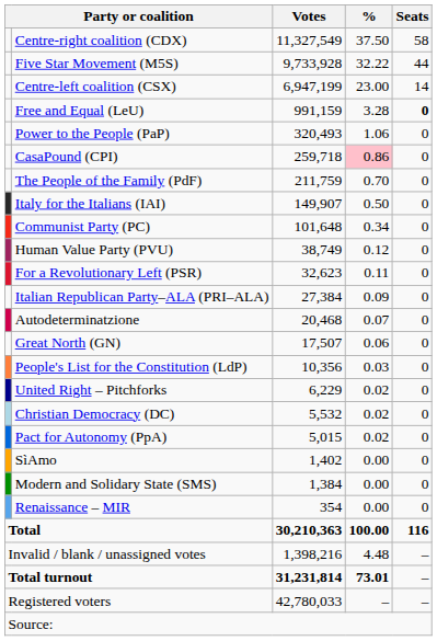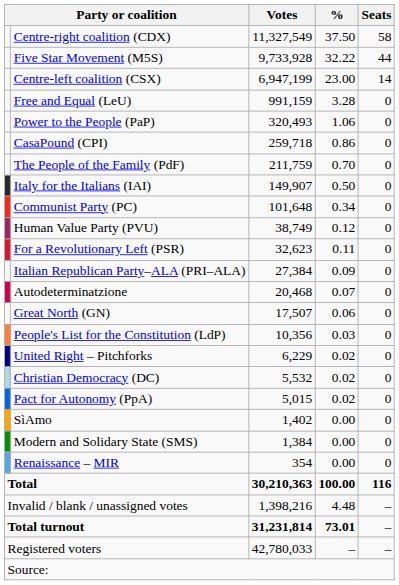 <table class="wikitable" style="text-align:right">
 <tr>
 <th colspan=2>Party or coalition</th>
 <th>Votes</th>
 <th>%</th>
 <th>Seats</th>
 </tr>
 <tr>
 <td></td>
 <td style="text-align:left;"><a href='#'>Centre-right coalition</a> (CDX)</td>
 <td style="text-align:right;">11,327,549</td>
 <td style="text-align:right;">37.50</td>
 <td style="text-align:right;">58</td>
 </tr>
 <tr>
 <td></td>
 <td style="text-align:left;"><a href='#'>Five Star Movement</a> (M5S)</td>
 <td style="text-align:right;">9,733,928</td>
 <td style="text-align:right;">32.22</td>
 <td style="text-align:right;">44</td>
 </tr>
 <tr>
 <td></td>
 <td style="text-align:left;"><a href='#'>Centre-left coalition</a> (CSX)</td>
 <td style="text-align:right;">6,947,199</td>
 <td style="text-align:right;">23.00</td>
 <td style="text-align:right;">14</td>
 </tr>
 <tr>
 <td></td>
 <td style="text-align:left;"><a href='#'>Free and Equal</a> (LeU)</td>
 <td style="text-align:right;">991,159</td>
 <td style="text-align:right;">3.28</td>
-<td style="text-align:right;"><strong>0</strong></td>
+<td style="text-align:right;">0</td>
 </tr>
 <tr>
 <td></td>
 <td style="text-align:left;"><a href='#'>Power to the People</a> (PaP)</td>
 <td style="text-align:right;">320,493</td>
 <td style="text-align:right;">1.06</td>
 <td style="text-align:right;">0</td>
 </tr>
 <tr>
 <td></td>
 <td style="text-align:left;"><a href='#'>CasaPound</a> (CPI)</td>
 <td style="text-align:right;">259,718</td>
-<td style="background: pink; text-align:right;">0.86</td>
+<td style="text-align:right;">0.86</td>
 <td style="text-align:right;">0</td>
 </tr>
 <tr>
 <td style="background:"></td>
 <td style="text-align:left;"><a href='#'>The People of the Family</a> (PdF)</td>
 <td style="text-align:right;">211,759</td>
 <td style="text-align:right;">0.70</td>
 <td style="text-align:right;">0</td>
 </tr>
 <tr>
 <td style="background:#282828;"></td>
 <td style="text-align:left;"><a href='#'>Italy for the Italians</a> (IAI)</td>
 <td style="text-align:right;">149,907</td>
 <td style="text-align:right;">0.50</td>
 <td style="text-align:right;">0</td>
 </tr>
 <tr>
 <td style="background:#f62817;"></td>
 <td style="text-align:left;"><a href='#'>Communist Party</a> (PC)</td>
 <td style="text-align:right;">101,648</td>
 <td style="text-align:right;">0.34</td>
 <td style="text-align:right;">0</td>
 </tr>
 <tr>
 <td style="background:#9F235F;"></td>
 <td style="text-align:left;">Human Value Party (PVU)</td>
 <td style="text-align:right;">38,749</td>
 <td style="text-align:right;">0.12</td>
 <td style="text-align:right;">0</td>
 </tr>
 <tr>
 <td style="background:#dc142f;"></td>
 <td style="text-align:left;"><a href='#'>For a Revolutionary Left</a> (PSR)</td>
 <td style="text-align:right;">32,623</td>
 <td style="text-align:right;">0.11</td>
 <td style="text-align:right;">0</td>
 </tr>
 <tr>
 <td></td>
 <td style="text-align:left;"><a href='#'>Italian Republican Party</a>–<a href='#'>ALA</a> (PRI–ALA)</td>
 <td style="text-align:right;">27,384</td>
 <td style="text-align:right;">0.09</td>
 <td style="text-align:right;">0</td>
 </tr>
 <tr>
 <td style="background:#D0004D;"></td>
 <td style="text-align:left;">Autodeterminatzione</td>
 <td style="text-align:right;">20,468</td>
 <td style="text-align:right;">0.07</td>
 <td style="text-align:right;">0</td>
 </tr>
 <tr>
 <td style="background:"></td>
 <td style="text-align:left;"><a href='#'>Great North</a> (GN)</td>
 <td style="text-align:right;">17,507</td>
 <td style="text-align:right;">0.06</td>
 <td style="text-align:right;">0</td>
 </tr>
 <tr>
 <td style="background:#ff7e3b;"></td>
 <td style="text-align:left;"><a href='#'>People's List for the Constitution</a> (LdP)</td>
 <td style="text-align:right;">10,356</td>
 <td style="text-align:right;">0.03</td>
 <td style="text-align:right;">0</td>
 </tr>
 <tr>
 <td style="background:darkblue;"></td>
 <td style="text-align:left;"><a href='#'>United Right</a> – Pitchforks</td>
 <td style="text-align:right;">6,229</td>
 <td style="text-align:right;">0.02</td>
 <td style="text-align:right;">0</td>
 </tr>
 <tr>
 <td style="background:lightblue;"></td>
 <td style="text-align:left;"><a href='#'>Christian Democracy</a> (DC)</td>
 <td style="text-align:right;">5,532</td>
 <td style="text-align:right;">0.02</td>
 <td style="text-align:right;">0</td>
 </tr>
 <tr>
 <td style="background:#0067DC;"></td>
 <td style="text-align:left;"><a href='#'>Pact for Autonomy</a> (PpA)</td>
 <td style="text-align:right;">5,015</td>
 <td style="text-align:right;">0.02</td>
 <td style="text-align:right;">0</td>
 </tr>
 <tr>
 <td style="background:orange;"></td>
 <td style="text-align:left;">SìAmo</td>
 <td style="text-align:right;">1,402</td>
 <td style="text-align:right;">0.00</td>
 <td style="text-align:right;">0</td>
 </tr>
 <tr>
 <td style="background:#009000;"></td>
 <td style="text-align:left;">Modern and Solidary State (SMS)</td>
 <td style="text-align:right;">1,384</td>
 <td style="text-align:right;">0.00</td>
 <td style="text-align:right;">0</td>
 </tr>
 <tr>
 <td style="background:#56A5EC;"></td>
 <td style="text-align:left;"><a href='#'>Renaissance</a> – <a href='#'>MIR</a></td>
 <td style="text-align:right;">354</td>
 <td style="text-align:right;">0.00</td>
 <td style="text-align:right;">0</td>
 </tr>
 <tr>
 <td style="text-align:left;" colspan="2"><strong>Total</strong></td>
 <td style="text-align:right;"><strong>30,210,363</strong></td>
 <td style="text-align:right;"><strong>100.00</strong></td>
 <td style="text-align:right;"><strong>116</strong></td>
 </tr>
 <tr>
 <td style="text-align:left;" colspan="2">Invalid / blank / unassigned votes</td>
 <td>1,398,216</td>
 <td>4.48</td>
 <td>–</td>
 </tr>
 <tr>
 <td style="text-align:left;" colspan="2"><strong>Total turnout</strong></td>
 <td><strong>31,231,814</strong></td>
 <td><strong>73.01</strong></td>
 <td>–</td>
 </tr>
 <tr>
 <td style="text-align:left;" colspan="2">Registered voters</td>
 <td>42,780,033</td>
 <td>–</td>
 <td>–</td>
 </tr>
 <tr>
 <td style="text-align:left;" colspan="7">Source: </td>
 </tr>
 </table>
